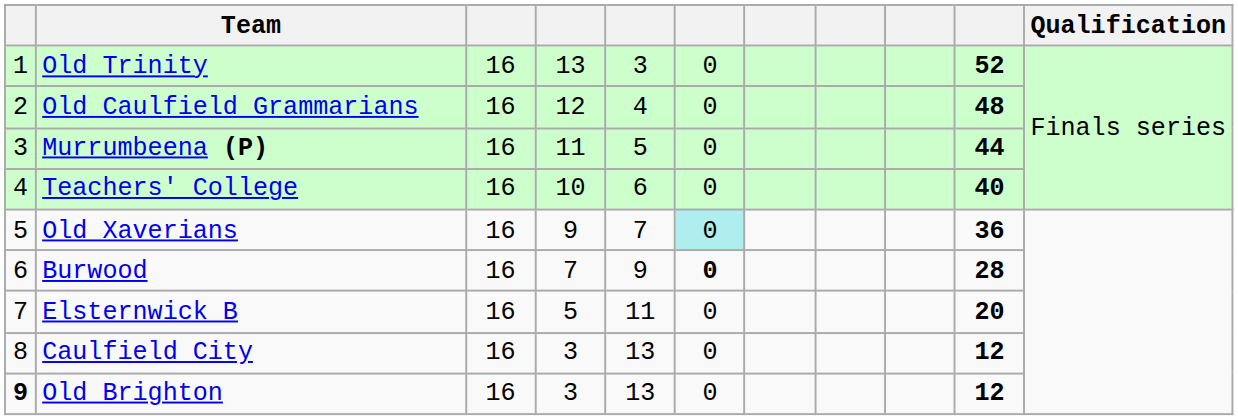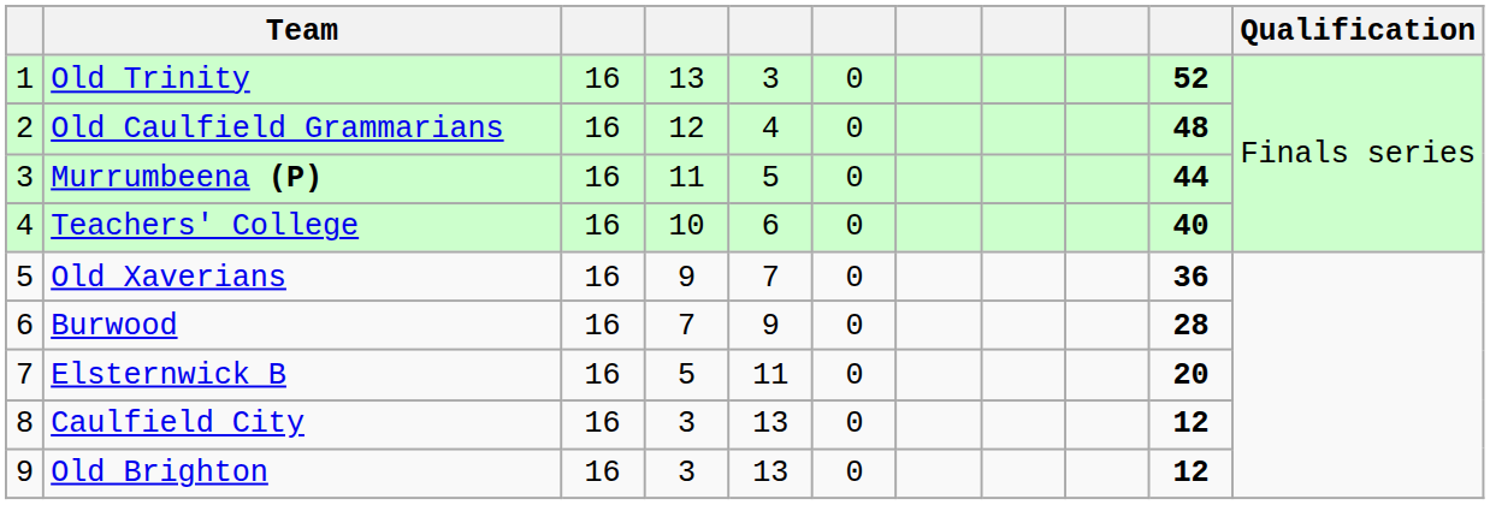 <table class="wikitable" style="text-align:center; margin-bottom:0">
 <tr>
 <th style="width:10px"></th>
 <th style="width:35%;">Team</th>
 <th style="width:30px;"></th>
 <th style="width:30px;"></th>
 <th style="width:30px;"></th>
 <th style="width:30px;"></th>
 <th style="width:30px;"></th>
 <th style="width:30px;"></th>
 <th style="width:30px;"></th>
 <th style="width:30px;"></th>
 <th>Qualification</th>
 </tr>
 <tr style="background:#ccffcc;">
 <td>1</td>
 <td style="text-align:left;"><a href='#'>Old Trinity</a></td>
 <td>16</td>
 <td>13</td>
 <td>3</td>
 <td>0</td>
 <td></td>
 <td></td>
 <td></td>
 <td><strong>52</strong></td>
 <td rowspan=4>Finals series</td>
 </tr>
 <tr style="background:#ccffcc;">
 <td>2</td>
 <td style="text-align:left;"><a href='#'>Old Caulfield Grammarians</a></td>
 <td>16</td>
 <td>12</td>
 <td>4</td>
 <td>0</td>
 <td></td>
 <td></td>
 <td></td>
 <td><strong>48</strong></td>
 </tr>
 <tr style="background:#ccffcc;">
 <td>3</td>
 <td style="text-align:left;"><a href='#'>Murrumbeena</a> <strong>(P)</strong></td>
 <td>16</td>
 <td>11</td>
 <td>5</td>
 <td>0</td>
 <td></td>
 <td></td>
 <td></td>
 <td><strong>44</strong></td>
 </tr>
 <tr style="background:#ccffcc;">
 <td>4</td>
 <td style="text-align:left;"><a href='#'>Teachers' College</a></td>
 <td>16</td>
 <td>10</td>
 <td>6</td>
 <td>0</td>
 <td></td>
 <td></td>
 <td></td>
 <td><strong>40</strong></td>
 </tr>
 <tr>
 <td>5</td>
 <td style="text-align:left;"><a href='#'>Old Xaverians</a></td>
 <td>16</td>
 <td>9</td>
 <td>7</td>
-<td style="background: paleturquoise;">0</td>
+<td>0</td>
 <td></td>
 <td></td>
 <td></td>
 <td><strong>36</strong></td>
 </tr>
 <tr>
 <td>6</td>
 <td style="text-align:left;"><a href='#'>Burwood</a></td>
 <td>16</td>
 <td>7</td>
 <td>9</td>
-<td><strong>0</strong></td>
+<td>0</td>
 <td></td>
 <td></td>
 <td></td>
 <td><strong>28</strong></td>
 </tr>
 <tr>
 <td>7</td>
 <td style="text-align:left;"><a href='#'>Elsternwick B</a></td>
 <td>16</td>
 <td>5</td>
 <td>11</td>
 <td>0</td>
 <td></td>
 <td></td>
 <td></td>
 <td><strong>20</strong></td>
 </tr>
 <tr>
 <td>8</td>
 <td style="text-align:left;"><a href='#'>Caulfield City</a></td>
 <td>16</td>
 <td>3</td>
 <td>13</td>
 <td>0</td>
 <td></td>
 <td></td>
 <td></td>
 <td><strong>12</strong></td>
 </tr>
 <tr>
-<td><strong>9</strong></td>
+<td>9</td>
 <td style="text-align:left;"><a href='#'>Old Brighton</a></td>
 <td>16</td>
 <td>3</td>
 <td>13</td>
 <td>0</td>
 <td></td>
 <td></td>
 <td></td>
 <td><strong>12</strong></td>
 </tr>
 </table>
